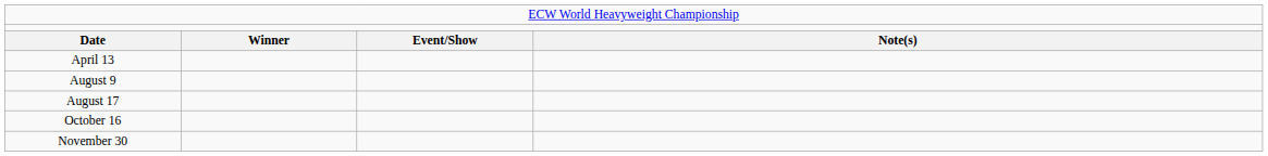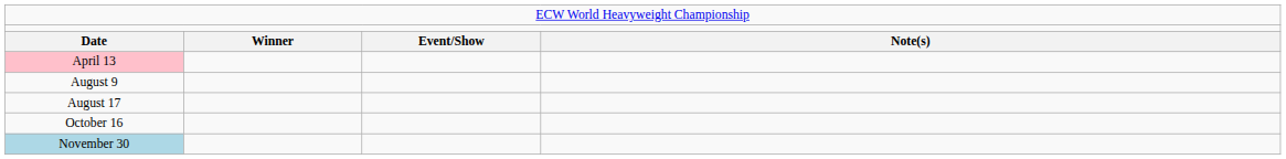 <table class="wikitable" style="text-align:center; width:100%;">
 <tr>
 <td colspan="5"><a href='#'>ECW World Heavyweight Championship</a></td>
 </tr>
 <tr>
 <td colspan="5"><strong></strong></td>
 </tr>
 <tr>
 <th width="14%">Date</th>
 <th width="14%">Winner</th>
 <th width="14%">Event/Show</th>
 <th width="58%">Note(s)</th>
 </tr>
 <tr>
-<td>April 13</td>
+<td style="background: pink;">April 13</td>
 <td></td>
 <td></td>
 <td align="left"></td>
 </tr>
 <tr>
 <td>August 9</td>
 <td></td>
 <td></td>
 <td align="left"></td>
 </tr>
 <tr>
 <td>August 17</td>
 <td></td>
 <td></td>
 <td align="left"></td>
 </tr>
 <tr>
 <td>October 16</td>
 <td></td>
 <td></td>
 <td align="left"></td>
 </tr>
 <tr>
-<td>November 30</td>
+<td style="background: lightblue;">November 30</td>
 <td></td>
 <td></td>
 <td align="left"></td>
 </tr>
 </table>
